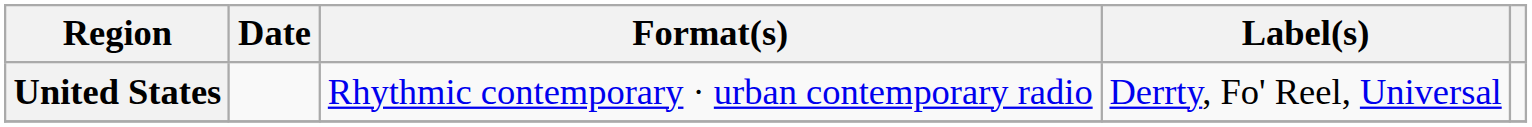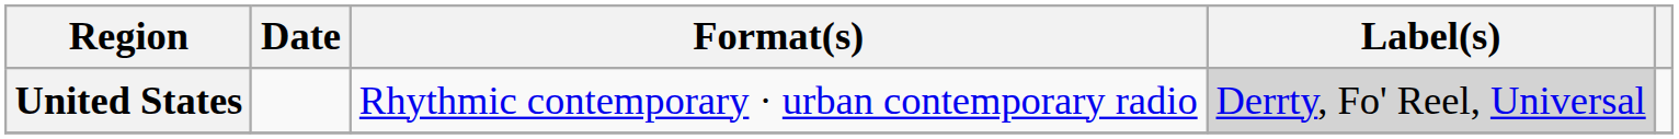 <table class="wikitable plainrowheaders" style="text-align:left">
 <tr>
 <th scope="col">Region</th>
 <th scope="col">Date</th>
 <th scope="col">Format(s)</th>
 <th scope="col">Label(s)</th>
 <th scope="col"></th>
 </tr>
 <tr>
 <th scope="row">United States</th>
 <td></td>
 <td><a href='#'>Rhythmic contemporary</a> · <a href='#'>urban contemporary radio</a></td>
-<td><a href='#'>Derrty</a>, Fo' Reel, <a href='#'>Universal</a></td>
+<td style="background: lightgrey;"><a href='#'>Derrty</a>, Fo' Reel, <a href='#'>Universal</a></td>
 <td></td>
 </tr>
 <tr>
 </tr>
 </table>
